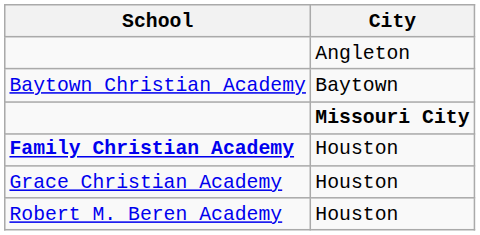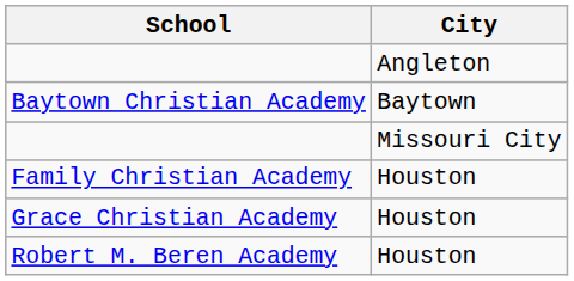 <table class="wikitable">
 <tr>
 <th>School</th>
 <th>City</th>
 </tr>
 <tr>
 <td></td>
 <td>Angleton</td>
 </tr>
 <tr>
 <td><a href='#'>Baytown Christian Academy</a></td>
 <td>Baytown</td>
 </tr>
 <tr>
 <td></td>
-<td><strong>Missouri City</strong></td>
+<td>Missouri City</td>
 </tr>
 <tr>
-<td><strong><a href='#'>Family Christian Academy</a></strong></td>
+<td><a href='#'>Family Christian Academy</a></td>
 <td>Houston</td>
 </tr>
 <tr>
 <td><a href='#'>Grace Christian Academy</a></td>
 <td>Houston</td>
 </tr>
 <tr>
 <td><a href='#'>Robert M. Beren Academy</a></td>
 <td>Houston</td>
 </tr>
 </table>
